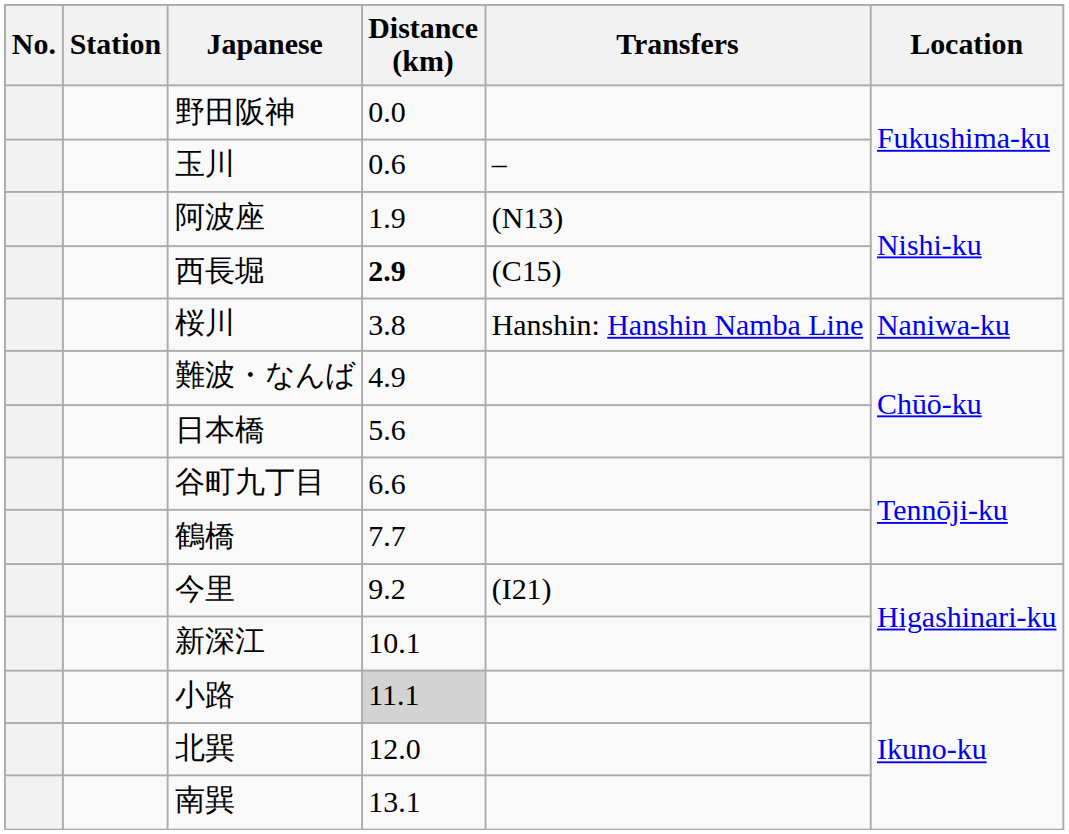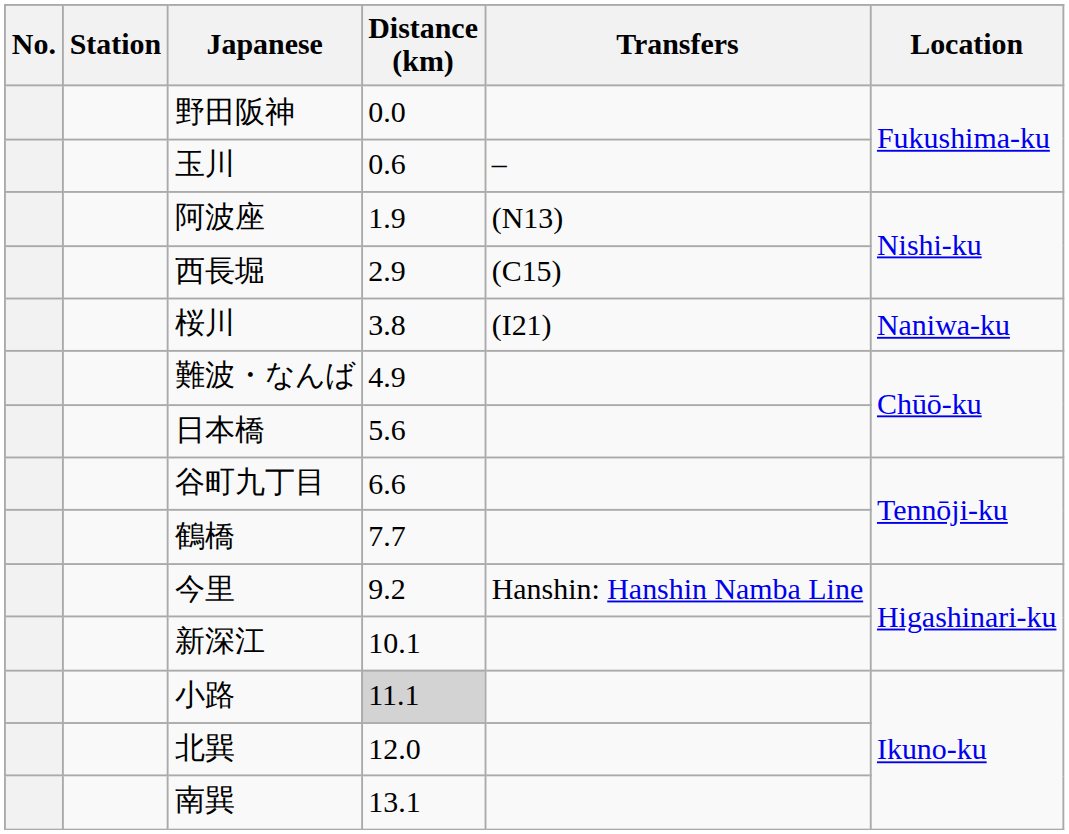 <table class="wikitable">
 <tr style="border-bottom:solid 3px #">
 <th>No.</th>
 <th>Station</th>
 <th>Japanese</th>
 <th>Distance<br>(km)</th>
 <th>Transfers</th>
 <th>Location</th>
 </tr>
 <tr>
 <th></th>
 <td></td>
 <td>野田阪神</td>
 <td>0.0</td>
 <td></td>
 <td rowspan="2"><a href='#'>Fukushima-ku</a></td>
 </tr>
 <tr>
 <th></th>
 <td></td>
 <td>玉川</td>
 <td>0.6</td>
 <td>  – </td>
 </tr>
 <tr>
 <th></th>
 <td></td>
 <td>阿波座</td>
 <td>1.9</td>
 <td> (N13)</td>
 <td rowspan="2"><a href='#'>Nishi-ku</a></td>
 </tr>
 <tr>
 <th></th>
 <td></td>
 <td>西長堀</td>
-<td><strong>2.9</strong></td>
+<td>2.9</td>
 <td> (C15)</td>
 </tr>
 <tr>
 <th></th>
 <td></td>
 <td>桜川</td>
 <td>3.8</td>
-<td>Hanshin: <a href='#'>Hanshin Namba Line</a></td>
+<td> (I21)</td>
 <td><a href='#'>Naniwa-ku</a></td>
 </tr>
 <tr>
 <th></th>
 <td></td>
 <td>難波・なんば</td>
 <td>4.9</td>
 <td></td>
 <td rowspan="2"><a href='#'>Chūō-ku</a></td>
 </tr>
 <tr>
 <th></th>
 <td></td>
 <td>日本橋</td>
 <td>5.6</td>
 <td></td>
 </tr>
 <tr>
 <th></th>
 <td></td>
 <td>谷町九丁目</td>
 <td>6.6</td>
 <td></td>
 <td rowspan="2"><a href='#'>Tennōji-ku</a></td>
 </tr>
 <tr>
 <th></th>
 <td></td>
 <td>鶴橋</td>
 <td>7.7</td>
 <td></td>
 </tr>
 <tr>
 <th></th>
 <td></td>
 <td>今里</td>
 <td>9.2</td>
-<td> (I21)</td>
+<td>Hanshin: <a href='#'>Hanshin Namba Line</a></td>
 <td rowspan="2"><a href='#'>Higashinari-ku</a></td>
 </tr>
 <tr>
 <th></th>
 <td></td>
 <td>新深江</td>
 <td>10.1</td>
 <td></td>
 </tr>
 <tr>
 <th></th>
 <td></td>
 <td>小路</td>
 <td style="background: lightgrey;">11.1</td>
 <td></td>
 <td rowspan="3"><a href='#'>Ikuno-ku</a></td>
 </tr>
 <tr>
 <th></th>
 <td></td>
 <td>北巽</td>
 <td>12.0</td>
 <td></td>
 </tr>
 <tr>
 <th></th>
 <td></td>
 <td>南巽</td>
 <td>13.1</td>
 <td></td>
 </tr>
 </table>
